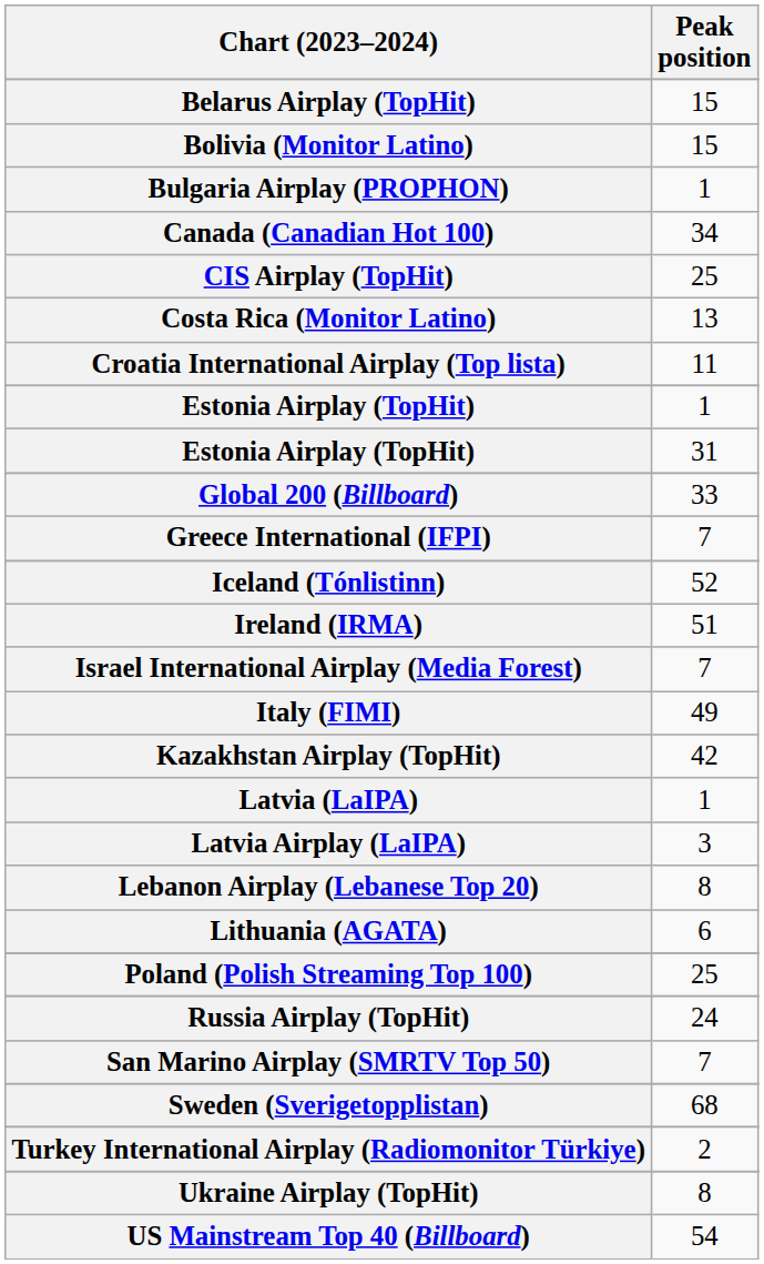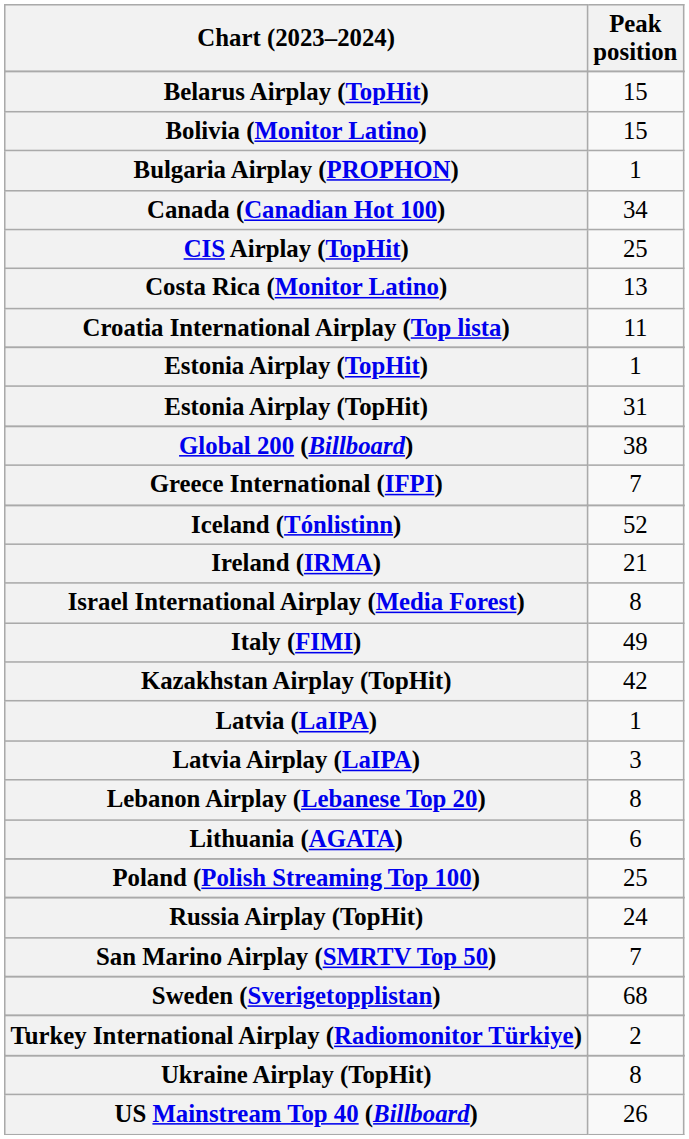 <table class="wikitable sortable plainrowheaders" style="text-align:center">
 <tr>
 <th scope="col">Chart (2023–2024)</th>
 <th scope="col">Peak<br>position</th>
 </tr>
 <tr>
 </tr>
 <tr>
 <th scope="row">Belarus Airplay (<a href='#'>TopHit</a>)</th>
 <td>15</td>
 </tr>
 <tr>
 <th scope="row">Bolivia (<a href='#'>Monitor Latino</a>)</th>
 <td>15</td>
 </tr>
 <tr>
 <th scope="row">Bulgaria Airplay (<a href='#'>PROPHON</a>)</th>
 <td>1</td>
 </tr>
 <tr>
 <th scope="row">Canada (<a href='#'>Canadian Hot 100</a>)</th>
 <td>34</td>
 </tr>
 <tr>
 <th scope="row"><a href='#'>CIS</a> Airplay (<a href='#'>TopHit</a>)</th>
 <td>25</td>
 </tr>
 <tr>
 <th scope="row">Costa Rica (<a href='#'>Monitor Latino</a>)</th>
 <td>13</td>
 </tr>
 <tr>
 <th scope="row">Croatia International Airplay (<a href='#'>Top lista</a>)</th>
 <td>11</td>
 </tr>
 <tr>
 </tr>
 <tr>
 </tr>
 <tr>
 </tr>
 <tr>
 <th scope="row">Estonia Airplay (<a href='#'>TopHit</a>)</th>
 <td>1</td>
 </tr>
 <tr>
 <th scope="row">Estonia Airplay (TopHit)<br></th>
 <td>31</td>
 </tr>
 <tr>
 </tr>
 <tr>
 <th scope="row"><a href='#'>Global 200</a> (<em><a href='#'>Billboard</a></em>)</th>
-<td>33</td>
+<td>38</td>
 </tr>
 <tr>
 <th scope="row">Greece International (<a href='#'>IFPI</a>)</th>
 <td>7</td>
 </tr>
 <tr>
 </tr>
 <tr>
 </tr>
 <tr>
 </tr>
 <tr>
 </tr>
 <tr>
 <th scope="row">Iceland (<a href='#'>Tónlistinn</a>)</th>
 <td>52</td>
 </tr>
 <tr>
 <th scope="row">Ireland (<a href='#'>IRMA</a>)</th>
-<td>51</td>
+<td>21</td>
 </tr>
 <tr>
 <th scope="row">Israel International Airplay (<a href='#'>Media Forest</a>)</th>
-<td>7</td>
+<td>8</td>
 </tr>
 <tr>
 <th scope="row">Italy (<a href='#'>FIMI</a>)</th>
 <td>49</td>
 </tr>
 <tr>
 <th scope="row">Kazakhstan Airplay (TopHit)</th>
 <td>42</td>
 </tr>
 <tr>
 <th scope="row">Latvia (<a href='#'>LaIPA</a>)</th>
 <td>1</td>
 </tr>
 <tr>
 <th scope="row">Latvia Airplay (<a href='#'>LaIPA</a>)</th>
 <td>3</td>
 </tr>
 <tr>
 <th scope="row">Lebanon Airplay (<a href='#'>Lebanese Top 20</a>)</th>
 <td>8</td>
 </tr>
 <tr>
 <th scope="row">Lithuania (<a href='#'>AGATA</a>)</th>
 <td>6</td>
 </tr>
 <tr>
 </tr>
 <tr>
 <th scope="row">Poland (<a href='#'>Polish Streaming Top 100</a>)</th>
 <td>25</td>
 </tr>
 <tr>
 </tr>
 <tr>
 <th scope="row">Russia Airplay (TopHit)</th>
 <td>24</td>
 </tr>
 <tr>
 <th scope="row">San Marino Airplay (<a href='#'>SMRTV Top 50</a>)<br></th>
 <td>7</td>
 </tr>
 <tr>
 </tr>
 <tr>
 </tr>
 <tr>
 <th scope="row">Sweden (<a href='#'>Sverigetopplistan</a>)</th>
 <td>68</td>
 </tr>
 <tr>
 </tr>
 <tr>
 <th scope="row">Turkey International Airplay (<a href='#'>Radiomonitor Türkiye</a>)</th>
 <td>2</td>
 </tr>
 <tr>
 </tr>
 <tr>
 <th scope="row">Ukraine Airplay (TopHit)</th>
 <td>8</td>
 </tr>
 <tr>
 <th scope="row">US <a href='#'>Mainstream Top 40</a> (<em><a href='#'>Billboard</a></em>)</th>
-<td>54</td>
+<td>26</td>
 </tr>
 </table>
